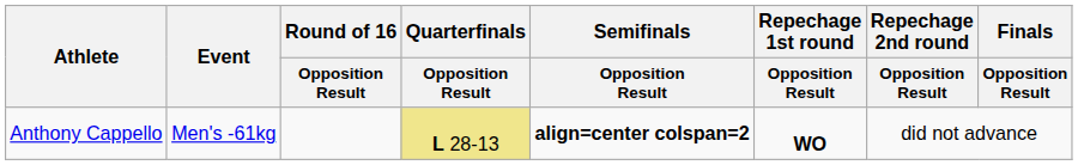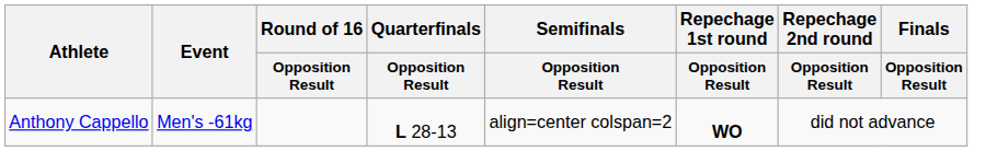 <table class=wikitable style="font-size:90%">
 <tr>
 <th rowspan="2">Athlete</th>
 <th rowspan="2">Event</th>
 <th>Round of 16</th>
 <th>Quarterfinals</th>
 <th>Semifinals</th>
 <th>Repechage<br>1st round</th>
 <th>Repechage<br>2nd round</th>
 <th>Finals</th>
 </tr>
 <tr>
 <th style="line-height:1em"><small>Opposition<br>Result</small></th>
 <th style="line-height:1em"><small>Opposition<br>Result</small></th>
 <th style="line-height:1em"><small>Opposition<br>Result</small></th>
 <th style="line-height:1em"><small>Opposition<br>Result</small></th>
 <th style="line-height:1em"><small>Opposition<br>Result</small></th>
 <th style="line-height:1em"><small>Opposition<br>Result</small></th>
 </tr>
 <tr>
 <td><a href='#'>Anthony Cappello</a></td>
 <td><a href='#'>Men's -61kg</a></td>
 <td></td>
-<td align=center style="background: khaki;"><br><strong>L</strong> 28-13</td>
-<td><strong>align=center colspan=2 </strong></td>
+<td align=center><br><strong>L</strong> 28-13</td>
+<td>align=center colspan=2 </td>
 <td align=center><br><strong>WO</strong></td>
 <td align=center colspan=2>did not advance</td>
 </tr>
 </table>
